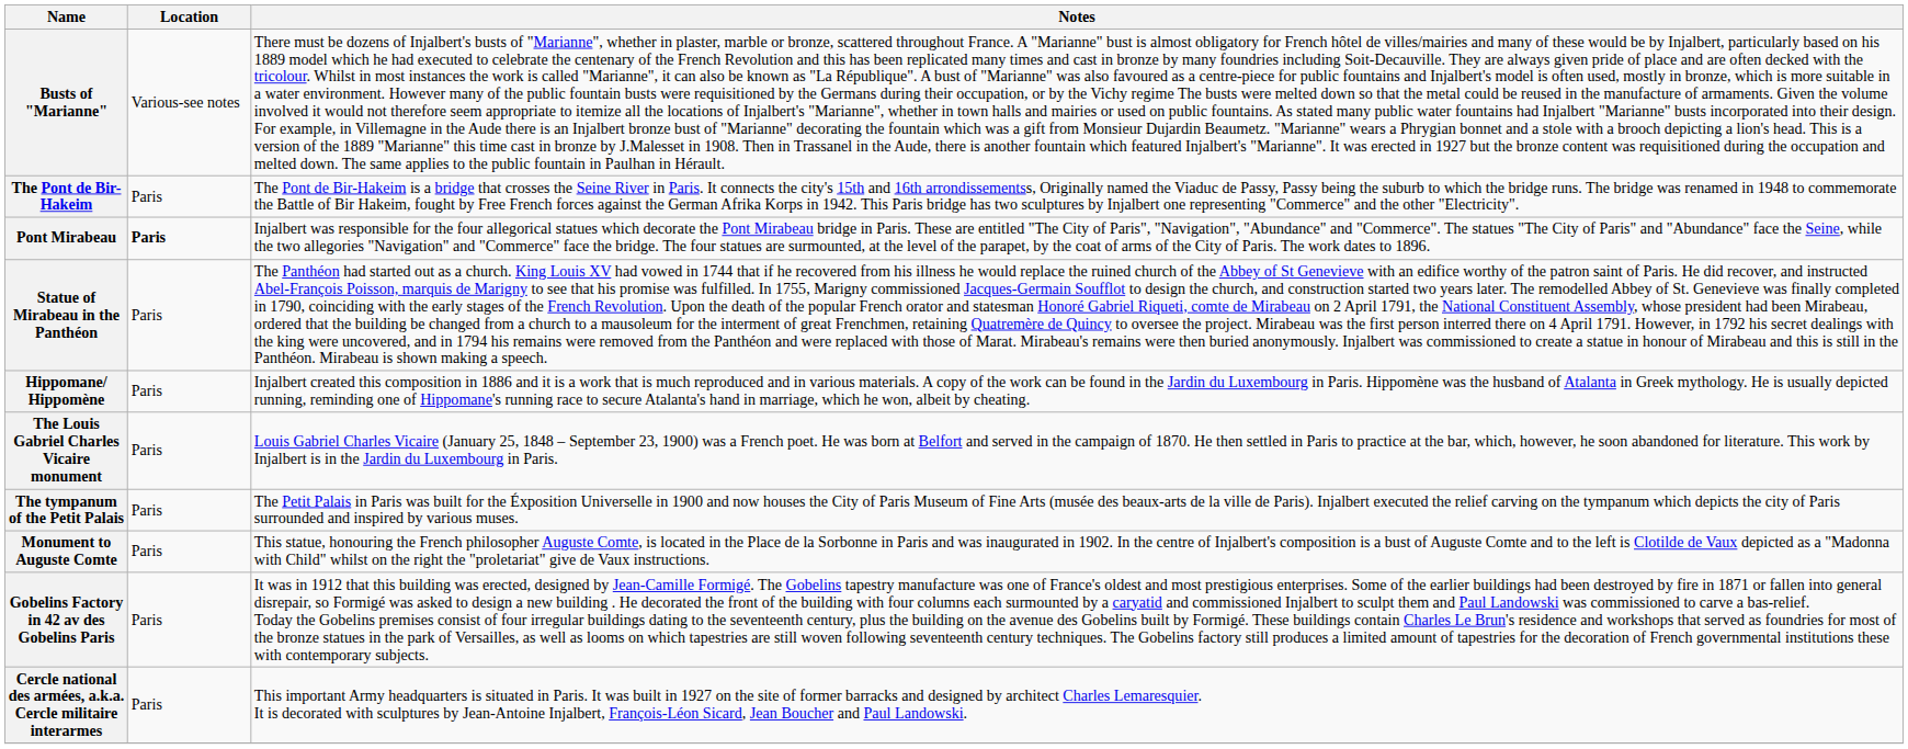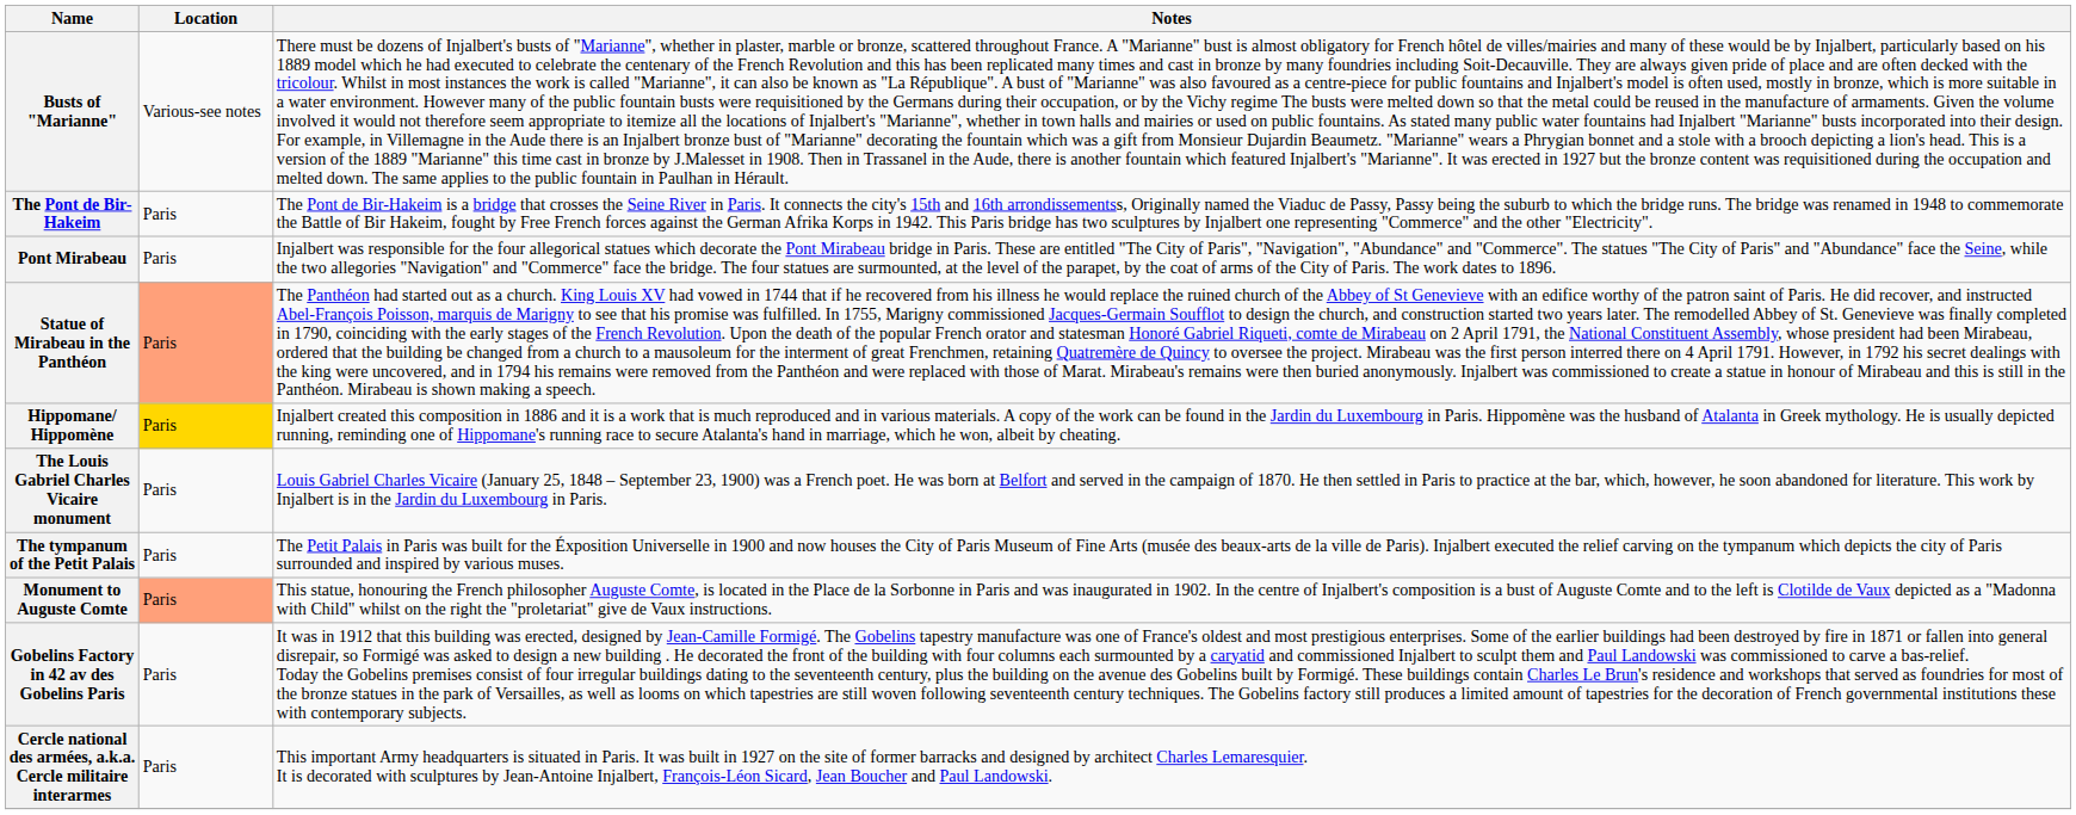 <table class="wikitable sortable plainrowheaders">
 <tr>
 <th scope="col" style="width:120px">Name</th>
 <th scope="col" style="width:120px">Location</th>
 <th scope="col" class="unsortable">Notes</th>
 </tr>
 <tr>
 <th scope="row">Busts of "Marianne"</th>
 <td>Various-see notes<br></td>
 <td>There must be dozens of Injalbert's busts of "<a href='#'>Marianne</a>", whether in plaster, marble or bronze, scattered throughout France.  A "Marianne" bust is almost obligatory for French hôtel de villes/mairies and many of these would be by Injalbert, particularly based on his 1889 model which he had executed to celebrate the centenary of the French Revolution and this has been replicated many times and cast in bronze by many foundries including Soit-Decauville. They are always given pride of place and are often decked with the <a href='#'>tricolour</a>. Whilst in most instances the work is called "Marianne", it can also be known as "La République".  A bust of "Marianne" was also favoured as a centre-piece for public fountains and Injalbert's model is often used, mostly in bronze, which is more suitable in a water environment.  However many of the public fountain busts were requisitioned by the Germans during their occupation, or by the Vichy regime The busts were melted down so that the metal could be reused in the manufacture of armaments. Given the volume involved it would not therefore seem appropriate to itemize all the locations of Injalbert's "Marianne", whether in town halls and mairies or used on public fountains.  As stated many public water fountains had Injalbert "Marianne" busts incorporated into their design.  For example, in Villemagne in the Aude there is an Injalbert bronze bust of "Marianne" decorating the fountain which was a gift from Monsieur Dujardin Beaumetz. "Marianne" wears a Phrygian bonnet and a stole with a brooch depicting a lion's head. This is a version of the 1889 "Marianne" this time cast in bronze by J.Malesset in 1908. Then in Trassanel in the Aude, there is another fountain which featured Injalbert's "Marianne". It was erected in 1927 but the bronze content was requisitioned during the occupation and melted down. The same applies to the public fountain in Paulhan in Hérault.<br></td>
 </tr>
 <tr>
 <th scope="row">The <a href='#'>Pont de Bir-Hakeim</a></th>
 <td>Paris<br></td>
 <td>The <a href='#'>Pont de Bir-Hakeim</a> is a <a href='#'>bridge</a> that crosses the <a href='#'>Seine River</a> in <a href='#'>Paris</a>. It connects the city's <a href='#'>15th</a> and <a href='#'>16th arrondissements</a>s,   Originally named the Viaduc de Passy, Passy being the suburb to which the bridge runs. The bridge was renamed in 1948 to commemorate the Battle of Bir Hakeim, fought by Free French forces against the German Afrika Korps in 1942. This Paris bridge has two sculptures by Injalbert one representing "Commerce" and the other "Electricity".</td>
 </tr>
 <tr>
 <th scope="row">Pont Mirabeau</th>
-<td><strong>Paris<br></strong></td>
+<td>Paris<br></td>
 <td>Injalbert was responsible for the four allegorical statues which decorate the <a href='#'>Pont Mirabeau</a> bridge in Paris. These are entitled "The City of Paris", "Navigation", "Abundance"  and "Commerce".  The statues "The City of Paris" and "Abundance" face the <a href='#'>Seine</a>, while the two allegories "Navigation" and "Commerce" face the bridge.  The four statues are surmounted, at the level of the parapet, by the coat of arms of the City of Paris.  The work dates to 1896.<br></td>
 </tr>
 <tr>
 <th scope="row">Statue of Mirabeau in the Panthéon</th>
-<td>Paris<br></td>
+<td style="background: lightsalmon;">Paris<br></td>
 <td>The <a href='#'>Panthéon</a> had started out as a church. <a href='#'>King Louis XV</a> had vowed in 1744 that if he recovered from his illness he would replace the ruined church of the <a href='#'>Abbey of St Genevieve</a> with an edifice worthy of the patron saint of Paris. He did recover, and instructed <a href='#'>Abel-François Poisson, marquis de Marigny</a>  to see that his promise was fulfilled.  In 1755, Marigny commissioned <a href='#'>Jacques-Germain Soufflot</a> to design the church, and construction started two years later.  The remodelled Abbey of St. Genevieve was finally completed in 1790, coinciding with the early stages of the <a href='#'>French Revolution</a>.  Upon the death of the popular French orator and statesman <a href='#'>Honoré Gabriel Riqueti, comte de Mirabeau</a> on 2 April 1791, the <a href='#'>National Constituent Assembly</a>, whose president had been Mirabeau, ordered that the building be changed from a church to a mausoleum for the interment of great Frenchmen, retaining <a href='#'>Quatremère de Quincy</a> to oversee the project.  Mirabeau was the first person interred there on 4 April 1791.  However, in 1792 his secret dealings with the king were uncovered, and in 1794 his remains were removed from the Panthéon and were replaced with those of Marat.  Mirabeau's remains were then buried anonymously.  Injalbert was commissioned to create a statue in honour of Mirabeau and this is still in the Panthéon. Mirabeau is shown making a speech.<br></td>
 </tr>
 <tr>
 <th scope="row">Hippomane/ Hippomène</th>
-<td>Paris<br></td>
+<td style="background: gold;">Paris<br></td>
 <td>Injalbert created this composition in 1886 and it is a work that is much reproduced and in various materials. A copy of the work can be found in the <a href='#'>Jardin du Luxembourg</a> in Paris. Hippomène was the husband of <a href='#'>Atalanta</a> in Greek mythology. He is usually depicted running,  reminding one of <a href='#'>Hippomane</a>'s running race to secure Atalanta's hand in marriage, which he won, albeit by cheating.<br></td>
 </tr>
 <tr>
 <th scope="row">The Louis Gabriel Charles Vicaire monument</th>
 <td>Paris<br></td>
 <td><a href='#'>Louis Gabriel Charles Vicaire</a> (January 25, 1848 – September 23, 1900) was a French poet. He was born at <a href='#'>Belfort</a> and served in the campaign of 1870. He then settled in Paris to practice at the bar, which, however, he soon abandoned for literature.  This work by Injalbert is in the <a href='#'>Jardin du Luxembourg</a> in Paris.<br></td>
 </tr>
 <tr>
 <th scope="row">The tympanum of the Petit Palais</th>
 <td>Paris<br></td>
 <td>The <a href='#'>Petit Palais</a> in Paris was built for the Éxposition Universelle in 1900 and now houses the City of Paris Museum of Fine Arts (musée des beaux-arts de la ville de Paris). Injalbert executed the relief carving on the tympanum which depicts the city of Paris surrounded and inspired by various muses.</td>
 </tr>
 <tr>
 <th scope="row">Monument to Auguste Comte</th>
-<td>Paris<br></td>
+<td style="background: lightsalmon;">Paris<br></td>
 <td>This statue, honouring the French philosopher <a href='#'>Auguste Comte</a>, is located in the Place de la Sorbonne in Paris and was inaugurated in 1902. In the centre of Injalbert's composition is a bust of Auguste Comte and to the left is <a href='#'>Clotilde de Vaux</a> depicted as a "Madonna with Child" whilst on the right the "proletariat" give de Vaux instructions.<br></td>
 </tr>
 <tr>
 <th scope="row">Gobelins Factory in 42 av des Gobelins Paris</th>
 <td>Paris<br></td>
 <td>It was in 1912 that this building was erected, designed by <a href='#'>Jean-Camille Formigé</a>.  The <a href='#'>Gobelins</a> tapestry manufacture was one of France's oldest and most prestigious enterprises. Some of the earlier buildings had been destroyed by fire in 1871 or fallen into general disrepair, so Formigé was asked to design a new building . He decorated the front of the building with four columns each surmounted by a <a href='#'>caryatid</a> and commissioned Injalbert to sculpt them and <a href='#'>Paul Landowski</a> was commissioned to carve a bas-relief.<br>Today the Gobelins premises consist of four irregular buildings dating to the seventeenth century, plus the building on the avenue des Gobelins built by Formigé. These buildings contain <a href='#'>Charles Le Brun</a>'s residence and workshops that served as foundries for most of the bronze statues in the park of Versailles, as well as looms on which tapestries are still woven following seventeenth century techniques.  The Gobelins factory still produces a limited amount of tapestries for the decoration of French governmental institutions these with contemporary subjects. </td>
 </tr>
 <tr>
 <th scope="row">Cercle national des armées, a.k.a. Cercle militaire interarmes</th>
 <td>Paris<br></td>
 <td>This important Army headquarters is situated in Paris.  It was built in 1927 on the site of former barracks and designed by architect <a href='#'>Charles Lemaresquier</a>.<br>It is decorated with sculptures by Jean-Antoine Injalbert, <a href='#'>François-Léon Sicard</a>, <a href='#'>Jean Boucher</a> and <a href='#'>Paul Landowski</a>.  </td>
 </tr>
 <tr>
 </tr>
 </table>
